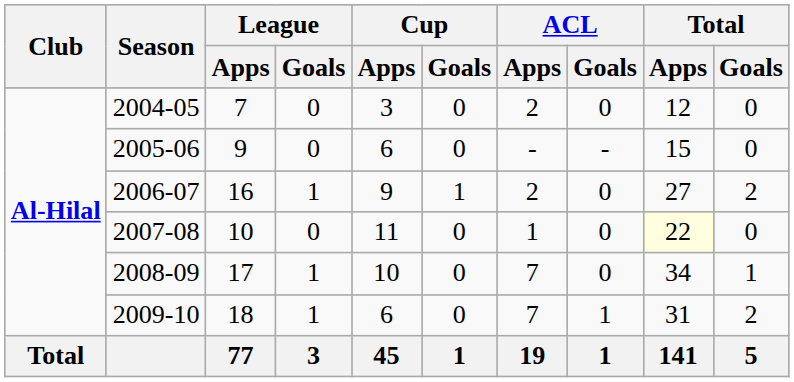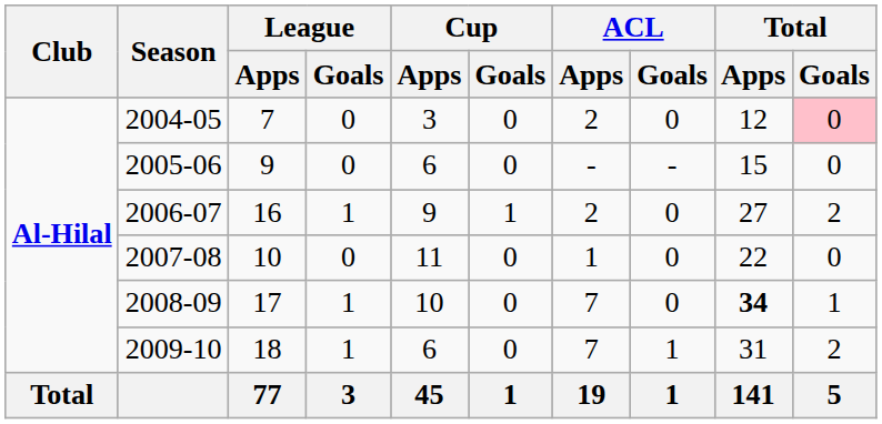 <table class="wikitable" style="text-align: center;">
 <tr>
 <th rowspan="2">Club</th>
 <th rowspan="2">Season</th>
 <th colspan="2">League</th>
 <th colspan="2">Cup</th>
 <th colspan="2"><a href='#'>ACL</a></th>
 <th colspan="2">Total</th>
 </tr>
 <tr>
 <th>Apps</th>
 <th>Goals</th>
 <th>Apps</th>
 <th>Goals</th>
 <th>Apps</th>
 <th>Goals</th>
 <th>Apps</th>
 <th>Goals</th>
 </tr>
 <tr>
 <td rowspan="6" valign="center"><strong><a href='#'>Al-Hilal</a></strong></td>
 <td>2004-05</td>
 <td>7</td>
 <td>0</td>
 <td>3</td>
 <td>0</td>
 <td>2</td>
 <td>0</td>
 <td>12</td>
-<td>0</td>
+<td style="background: pink;">0</td>
 </tr>
 <tr>
 <td>2005-06</td>
 <td>9</td>
 <td>0</td>
 <td>6</td>
 <td>0</td>
 <td>-</td>
 <td>-</td>
 <td>15</td>
 <td>0</td>
 </tr>
 <tr>
 <td>2006-07</td>
 <td>16</td>
 <td>1</td>
 <td>9</td>
 <td>1</td>
 <td>2</td>
 <td>0</td>
 <td>27</td>
 <td>2</td>
 </tr>
 <tr>
 <td>2007-08</td>
 <td>10</td>
 <td>0</td>
 <td>11</td>
 <td>0</td>
 <td>1</td>
 <td>0</td>
-<td style="background: lightyellow;">22</td>
+<td>22</td>
 <td>0</td>
 </tr>
 <tr>
 <td>2008-09</td>
 <td>17</td>
 <td>1</td>
 <td>10</td>
 <td>0</td>
 <td>7</td>
 <td>0</td>
-<td>34</td>
+<td><strong>34</strong></td>
 <td>1</td>
 </tr>
 <tr>
 <td>2009-10</td>
 <td>18</td>
 <td>1</td>
 <td>6</td>
 <td>0</td>
 <td>7</td>
 <td>1</td>
 <td>31</td>
 <td>2</td>
 </tr>
 <tr>
 <th>Total</th>
 <th></th>
 <th>77</th>
 <th>3</th>
 <th>45</th>
 <th>1</th>
 <th>19</th>
 <th>1</th>
 <th>141</th>
 <th>5</th>
 </tr>
 </table>
